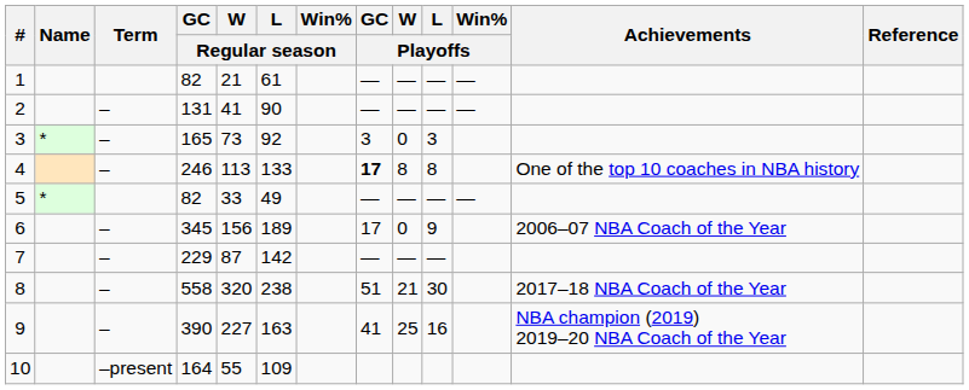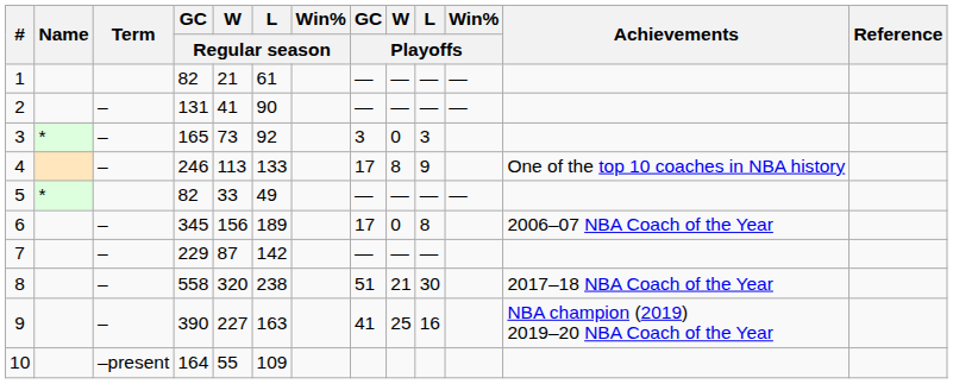 <table class="wikitable sortable">
 <tr>
 <th rowspan="2">#</th>
 <th rowspan="2">Name</th>
 <th rowspan="2">Term</th>
 <th>GC</th>
 <th>W</th>
 <th>L</th>
 <th>Win%</th>
 <th>GC</th>
 <th>W</th>
 <th>L</th>
 <th>Win%</th>
 <th rowspan="2" class=unsortable>Achievements</th>
 <th rowspan="2" class=unsortable>Reference</th>
 </tr>
 <tr class="unsortable">
 <th colspan="4">Regular season</th>
 <th colspan="4">Playoffs</th>
 </tr>
 <tr>
 <td align=center>1</td>
 <td></td>
 <td></td>
 <td>82</td>
 <td>21</td>
 <td>61</td>
 <td></td>
 <td>—</td>
 <td>—</td>
 <td>—</td>
 <td>—</td>
 <td></td>
 <td align=center></td>
 </tr>
 <tr>
 <td align=center>2</td>
 <td></td>
 <td>–</td>
 <td>131</td>
 <td>41</td>
 <td>90</td>
 <td></td>
 <td>—</td>
 <td>—</td>
 <td>—</td>
 <td>—</td>
 <td></td>
 <td align=center></td>
 </tr>
 <tr>
 <td align=center>3</td>
 <td style="background-color:#ddffdd">*</td>
 <td>–</td>
 <td>165</td>
 <td>73</td>
 <td>92</td>
 <td></td>
 <td>3</td>
 <td>0</td>
 <td>3</td>
 <td></td>
 <td></td>
 <td align=center></td>
 </tr>
 <tr>
 <td align=center>4</td>
 <td style="background-color:#FFE6BD"></td>
 <td>–</td>
 <td>246</td>
 <td>113</td>
 <td>133</td>
 <td></td>
-<td><strong>17</strong></td>
+<td>17</td>
 <td>8</td>
-<td>8</td>
+<td>9</td>
 <td></td>
 <td>One of the <a href='#'>top 10 coaches in NBA history</a></td>
 <td align=center></td>
 </tr>
 <tr>
 <td align=center>5</td>
 <td style="background-color:#ddffdd">*</td>
 <td></td>
 <td>82</td>
 <td>33</td>
 <td>49</td>
 <td></td>
 <td>—</td>
 <td>—</td>
 <td>—</td>
 <td>—</td>
 <td></td>
 <td align=center></td>
 </tr>
 <tr>
 <td align=center>6</td>
 <td></td>
 <td>–</td>
 <td>345</td>
 <td>156</td>
 <td>189</td>
 <td></td>
 <td>17</td>
 <td>0</td>
-<td>9</td>
+<td>8</td>
 <td></td>
 <td>2006–07 <a href='#'>NBA Coach of the Year</a></td>
 <td align=center></td>
 </tr>
 <tr>
 <td align=center>7</td>
 <td></td>
 <td>–</td>
 <td>229</td>
 <td>87</td>
 <td>142</td>
 <td></td>
 <td>—</td>
 <td>—</td>
 <td>—</td>
 <td></td>
 <td></td>
 <td align=center></td>
 </tr>
 <tr>
 <td align=center>8</td>
 <td></td>
 <td>–</td>
 <td>558</td>
 <td>320</td>
 <td>238</td>
 <td></td>
 <td>51</td>
 <td>21</td>
 <td>30</td>
 <td></td>
 <td>2017–18 <a href='#'>NBA Coach of the Year</a></td>
 <td align=center></td>
 </tr>
 <tr>
 <td align=center>9</td>
 <td style="background-color:"></td>
 <td>–</td>
 <td>390</td>
 <td>227</td>
 <td>163</td>
 <td></td>
 <td>41</td>
 <td>25</td>
 <td>16</td>
 <td></td>
 <td><a href='#'>NBA champion</a> (<a href='#'>2019</a>)<br>2019–20 <a href='#'>NBA Coach of the Year</a></td>
 <td align=center></td>
 </tr>
 <tr>
 <td align=center>10</td>
 <td></td>
 <td>–present</td>
 <td>164</td>
 <td>55</td>
 <td>109</td>
 <td></td>
 <td></td>
 <td></td>
 <td></td>
 <td></td>
 <td></td>
 <td align=center></td>
 </tr>
 </table>
